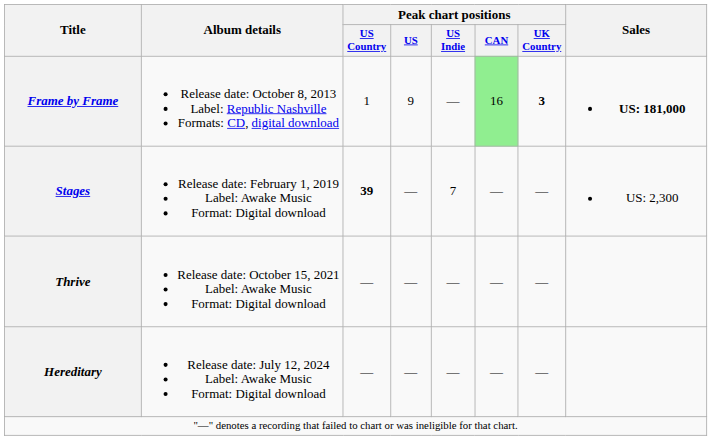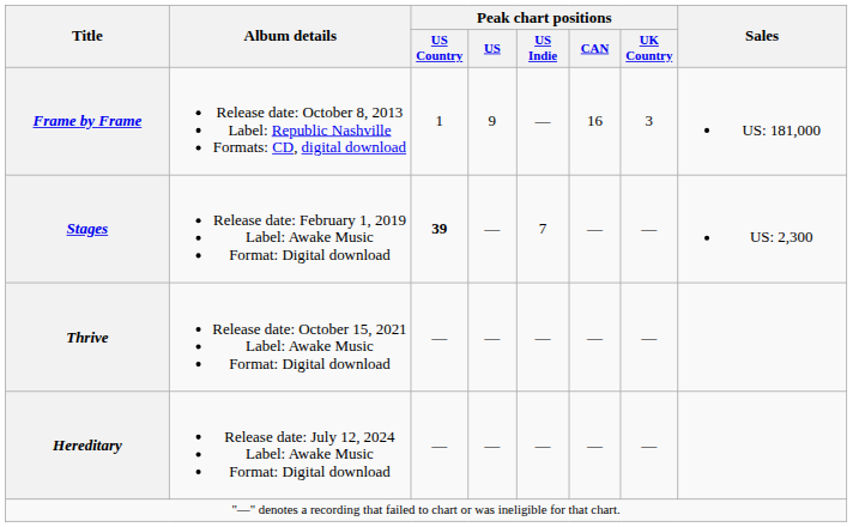 <table class="wikitable plainrowheaders" style="text-align:center;">
 <tr>
 <th rowspan="2" style="width:12em;">Title</th>
 <th rowspan="2" style="width:18em;">Album details</th>
 <th colspan="5">Peak chart positions</th>
 <th rowspan="2" style="width:12em;">Sales</th>
 </tr>
 <tr style="font-size:smaller;">
 <th style="width:4em;"><a href='#'>US Country</a><br></th>
 <th style="width:4em;"><a href='#'>US</a><br></th>
 <th style="width:4em;"><a href='#'>US Indie</a><br></th>
 <th style="width:4em;"><a href='#'>CAN</a><br></th>
 <th style="width:4em;"><a href='#'>UK Country</a><br></th>
 </tr>
 <tr>
 <th scope="row"><em><a href='#'>Frame by Frame</a></em></th>
 <td><br><ul><li>Release date: October 8, 2013</li><li>Label: <a href='#'>Republic Nashville</a></li><li>Formats: <a href='#'>CD</a>, <a href='#'>digital download</a></li></ul></td>
 <td>1</td>
 <td>9</td>
 <td>—</td>
-<td style="background: lightgreen;">16</td>
-<td><strong>3</strong></td>
-<td><strong><br><ul><li>US: 181,000</li></ul></strong></td>
+<td>16</td>
+<td>3</td>
+<td><br><ul><li>US: 181,000</li></ul></td>
 </tr>
 <tr>
 <th scope="row"><em><a href='#'>Stages</a></em></th>
 <td><br><ul><li>Release date: February 1, 2019</li><li>Label: Awake Music</li><li>Format: Digital download</li></ul></td>
 <td><strong>39</strong></td>
 <td>—</td>
 <td>7</td>
 <td>—</td>
 <td>—</td>
 <td><br><ul><li>US: 2,300</li></ul></td>
 </tr>
 <tr>
 <th scope="row"><em>Thrive</em></th>
 <td><br><ul><li>Release date: October 15, 2021</li><li>Label: Awake Music</li><li>Format: Digital download</li></ul></td>
 <td>—</td>
 <td>—</td>
 <td>—</td>
 <td>—</td>
 <td>—</td>
 <td></td>
 </tr>
 <tr>
 <th scope="row"><em>Hereditary</em></th>
 <td><br><ul><li>Release date: July 12, 2024</li><li>Label: Awake Music</li><li>Format: Digital download</li></ul></td>
 <td>—</td>
 <td>—</td>
 <td>—</td>
 <td>—</td>
 <td>—</td>
 <td></td>
 </tr>
 <tr>
 <td colspan="10" style="font-size:smaller;">"—" denotes a recording that failed to chart or was ineligible for that chart.</td>
 </tr>
 </table>
